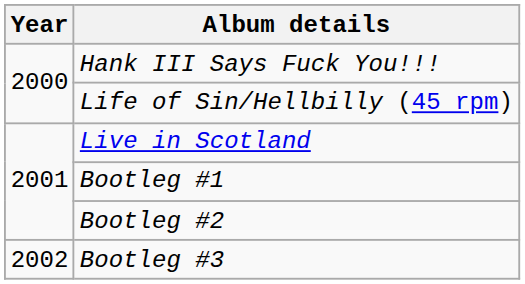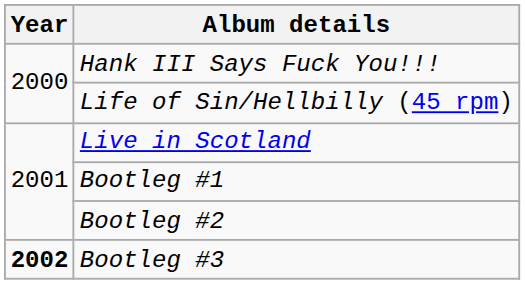 <table class="wikitable">
 <tr>
 <th>Year</th>
 <th>Album details</th>
 </tr>
 <tr>
 <td rowspan="2">2000</td>
 <td><em>Hank III Says Fuck You!!!</em></td>
 </tr>
 <tr>
 <td><em>Life of Sin/Hellbilly</em> (<a href='#'>45 rpm</a>)</td>
 </tr>
 <tr>
 <td rowspan="3">2001</td>
 <td><em><a href='#'>Live in Scotland</a></em></td>
 </tr>
 <tr>
 <td><em>Bootleg #1</em></td>
 </tr>
 <tr>
 <td><em>Bootleg #2</em></td>
 </tr>
 <tr>
-<td>2002</td>
+<td><strong>2002</strong></td>
 <td><em>Bootleg #3</em></td>
 </tr>
 </table>
